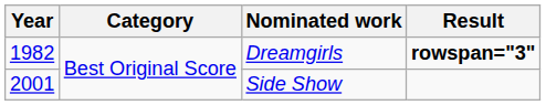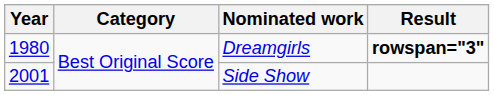 <table class="wikitable" style="font-size:90%;">
 <tr style="background:#ccc; text-align:center;">
 <th>Year</th>
 <th>Category</th>
 <th>Nominated work</th>
 <th>Result</th>
 </tr>
 <tr>
-<td><a href='#'>1982</a></td>
+<td><a href='#'>1980</a></td>
 <td rowspan="2"><a href='#'>Best Original Score</a></td>
 <td><em><a href='#'>Dreamgirls</a></em></td>
 <td><strong>rowspan="3" </strong></td>
 </tr>
 <tr>
 <td><a href='#'>2001</a></td>
 <td><em><a href='#'>Side Show</a></em></td>
 </tr>
 </table>
